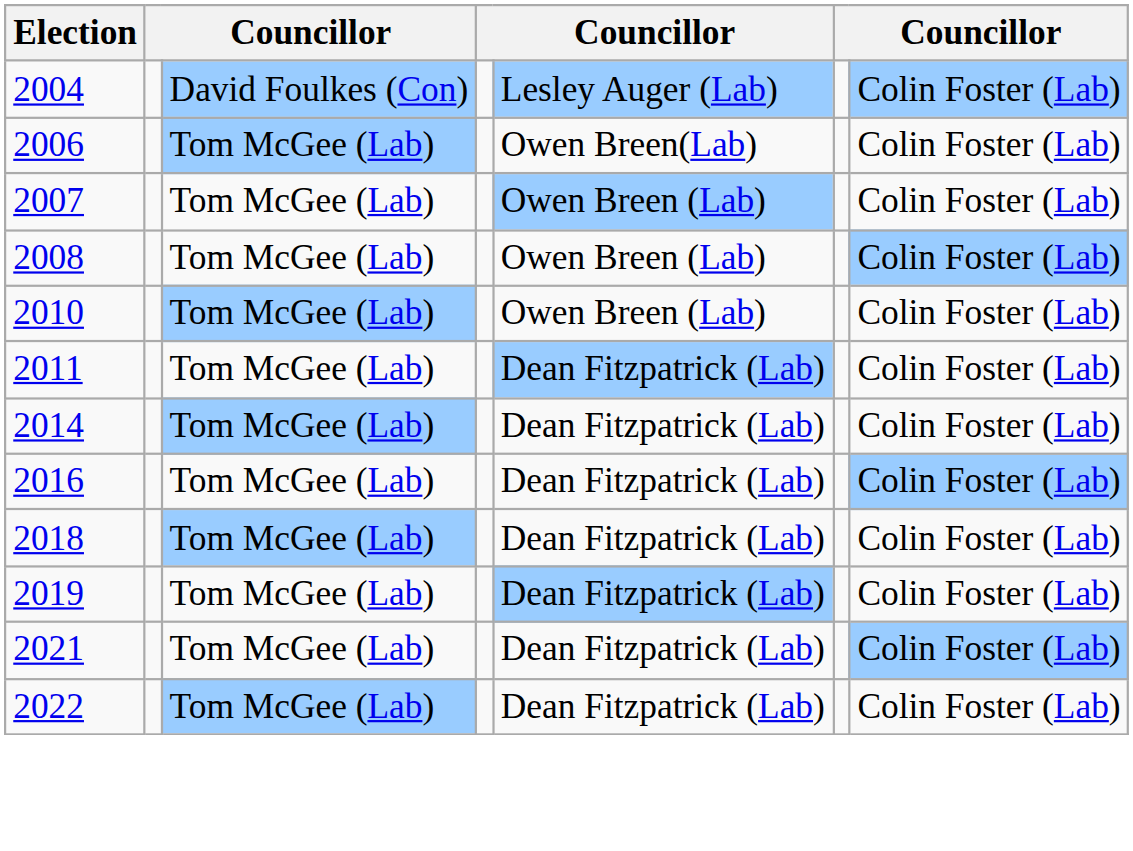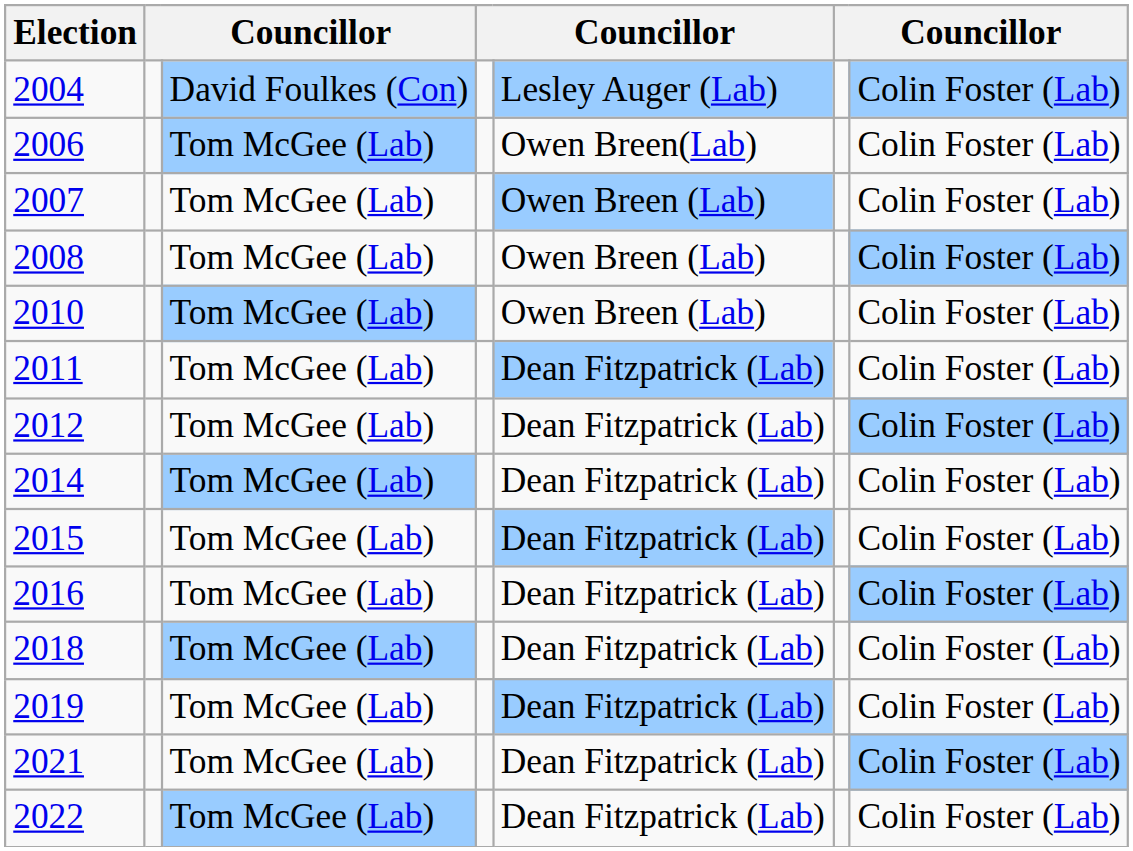 <table class="wikitable">
 <tr>
 <th>Election</th>
 <th colspan="2">Councillor</th>
 <th colspan="2">Councillor</th>
 <th colspan="2">Councillor</th>
 </tr>
 <tr>
 <td><a href='#'>2004</a></td>
 <td style="background-color: "></td>
 <td bgcolor="#99CCFF">David Foulkes (<a href='#'>Con</a>)</td>
 <td style="background-color: "></td>
 <td bgcolor="#99CCFF">Lesley Auger (<a href='#'>Lab</a>)</td>
 <td style="background-color: "></td>
 <td bgcolor="#99CCFF">Colin Foster (<a href='#'>Lab</a>)</td>
 </tr>
 <tr>
 <td><a href='#'>2006</a></td>
 <td style="background-color: "></td>
 <td bgcolor="#99CCFF">Tom McGee (<a href='#'>Lab</a>)</td>
 <td style="background-color: "></td>
 <td>Owen Breen(<a href='#'>Lab</a>)</td>
 <td style="background-color: "></td>
 <td>Colin Foster (<a href='#'>Lab</a>)</td>
 </tr>
 <tr>
 <td><a href='#'>2007</a></td>
 <td style="background-color: "></td>
 <td>Tom McGee (<a href='#'>Lab</a>)</td>
 <td style="background-color: "></td>
 <td bgcolor="#99CCFF">Owen Breen (<a href='#'>Lab</a>)</td>
 <td style="background-color: "></td>
 <td>Colin Foster (<a href='#'>Lab</a>)</td>
 </tr>
 <tr>
 <td><a href='#'>2008</a></td>
 <td style="background-color: "></td>
 <td>Tom McGee (<a href='#'>Lab</a>)</td>
 <td style="background-color: "></td>
 <td>Owen Breen (<a href='#'>Lab</a>)</td>
 <td style="background-color: "></td>
 <td bgcolor="#99CCFF">Colin Foster (<a href='#'>Lab</a>)</td>
 </tr>
 <tr>
 <td><a href='#'>2010</a></td>
 <td style="background-color: "></td>
 <td bgcolor="#99CCFF">Tom McGee (<a href='#'>Lab</a>)</td>
 <td style="background-color: "></td>
 <td>Owen Breen (<a href='#'>Lab</a>)</td>
 <td style="background-color: "></td>
 <td>Colin Foster (<a href='#'>Lab</a>)</td>
 </tr>
 <tr>
 <td><a href='#'>2011</a></td>
 <td style="background-color: "></td>
 <td>Tom McGee (<a href='#'>Lab</a>)</td>
 <td style="background-color: "></td>
 <td bgcolor="#99CCFF">Dean Fitzpatrick (<a href='#'>Lab</a>)</td>
 <td style="background-color: "></td>
 <td>Colin Foster (<a href='#'>Lab</a>)</td>
 </tr>
 <tr>
+<td><a href='#'>2012</a></td>
+<td style="background-color: "></td>
+<td>Tom McGee (<a href='#'>Lab</a>)</td>
+<td style="background-color: "></td>
+<td>Dean Fitzpatrick (<a href='#'>Lab</a>)</td>
+<td style="background-color: "></td>
+<td bgcolor="#99CCFF">Colin Foster (<a href='#'>Lab</a>)</td>
+</tr>
+<tr>
 <td><a href='#'>2014</a></td>
 <td style="background-color: "></td>
 <td bgcolor="#99CCFF">Tom McGee (<a href='#'>Lab</a>)</td>
 <td style="background-color: "></td>
 <td>Dean Fitzpatrick (<a href='#'>Lab</a>)</td>
+<td style="background-color: "></td>
+<td>Colin Foster (<a href='#'>Lab</a>)</td>
+</tr>
+<tr>
+<td><a href='#'>2015</a></td>
+<td style="background-color: "></td>
+<td>Tom McGee (<a href='#'>Lab</a>)</td>
+<td style="background-color: "></td>
+<td bgcolor="#99CCFF">Dean Fitzpatrick (<a href='#'>Lab</a>)</td>
 <td style="background-color: "></td>
 <td>Colin Foster (<a href='#'>Lab</a>)</td>
 </tr>
 <tr>
 <td><a href='#'>2016</a></td>
 <td style="background-color: "></td>
 <td>Tom McGee (<a href='#'>Lab</a>)</td>
 <td style="background-color: "></td>
 <td>Dean Fitzpatrick (<a href='#'>Lab</a>)</td>
 <td style="background-color: "></td>
 <td bgcolor="#99CCFF">Colin Foster (<a href='#'>Lab</a>)</td>
 </tr>
 <tr>
 <td><a href='#'>2018</a></td>
 <td style="background-color: "></td>
 <td bgcolor="#99CCFF">Tom McGee (<a href='#'>Lab</a>)</td>
 <td style="background-color: "></td>
 <td>Dean Fitzpatrick (<a href='#'>Lab</a>)</td>
 <td style="background-color: "></td>
 <td>Colin Foster (<a href='#'>Lab</a>)</td>
 </tr>
 <tr>
 <td><a href='#'>2019</a></td>
 <td style="background-color: "></td>
 <td>Tom McGee (<a href='#'>Lab</a>)</td>
 <td style="background-color: "></td>
 <td bgcolor="#99CCFF">Dean Fitzpatrick (<a href='#'>Lab</a>)</td>
 <td style="background-color: "></td>
 <td>Colin Foster (<a href='#'>Lab</a>)</td>
 </tr>
 <tr>
 <td><a href='#'>2021</a></td>
 <td style="background-color: "></td>
 <td>Tom McGee (<a href='#'>Lab</a>)</td>
 <td style="background-color: "></td>
 <td>Dean Fitzpatrick (<a href='#'>Lab</a>)</td>
 <td style="background-color: "></td>
 <td bgcolor="#99CCFF">Colin Foster (<a href='#'>Lab</a>)</td>
 </tr>
 <tr>
 <td><a href='#'>2022</a></td>
 <td style="background-color: "></td>
 <td bgcolor="#99CCFF">Tom McGee (<a href='#'>Lab</a>)</td>
 <td style="background-color: "></td>
 <td>Dean Fitzpatrick (<a href='#'>Lab</a>)</td>
 <td style="background-color: "></td>
 <td>Colin Foster (<a href='#'>Lab</a>)</td>
 </tr>
 </table>
